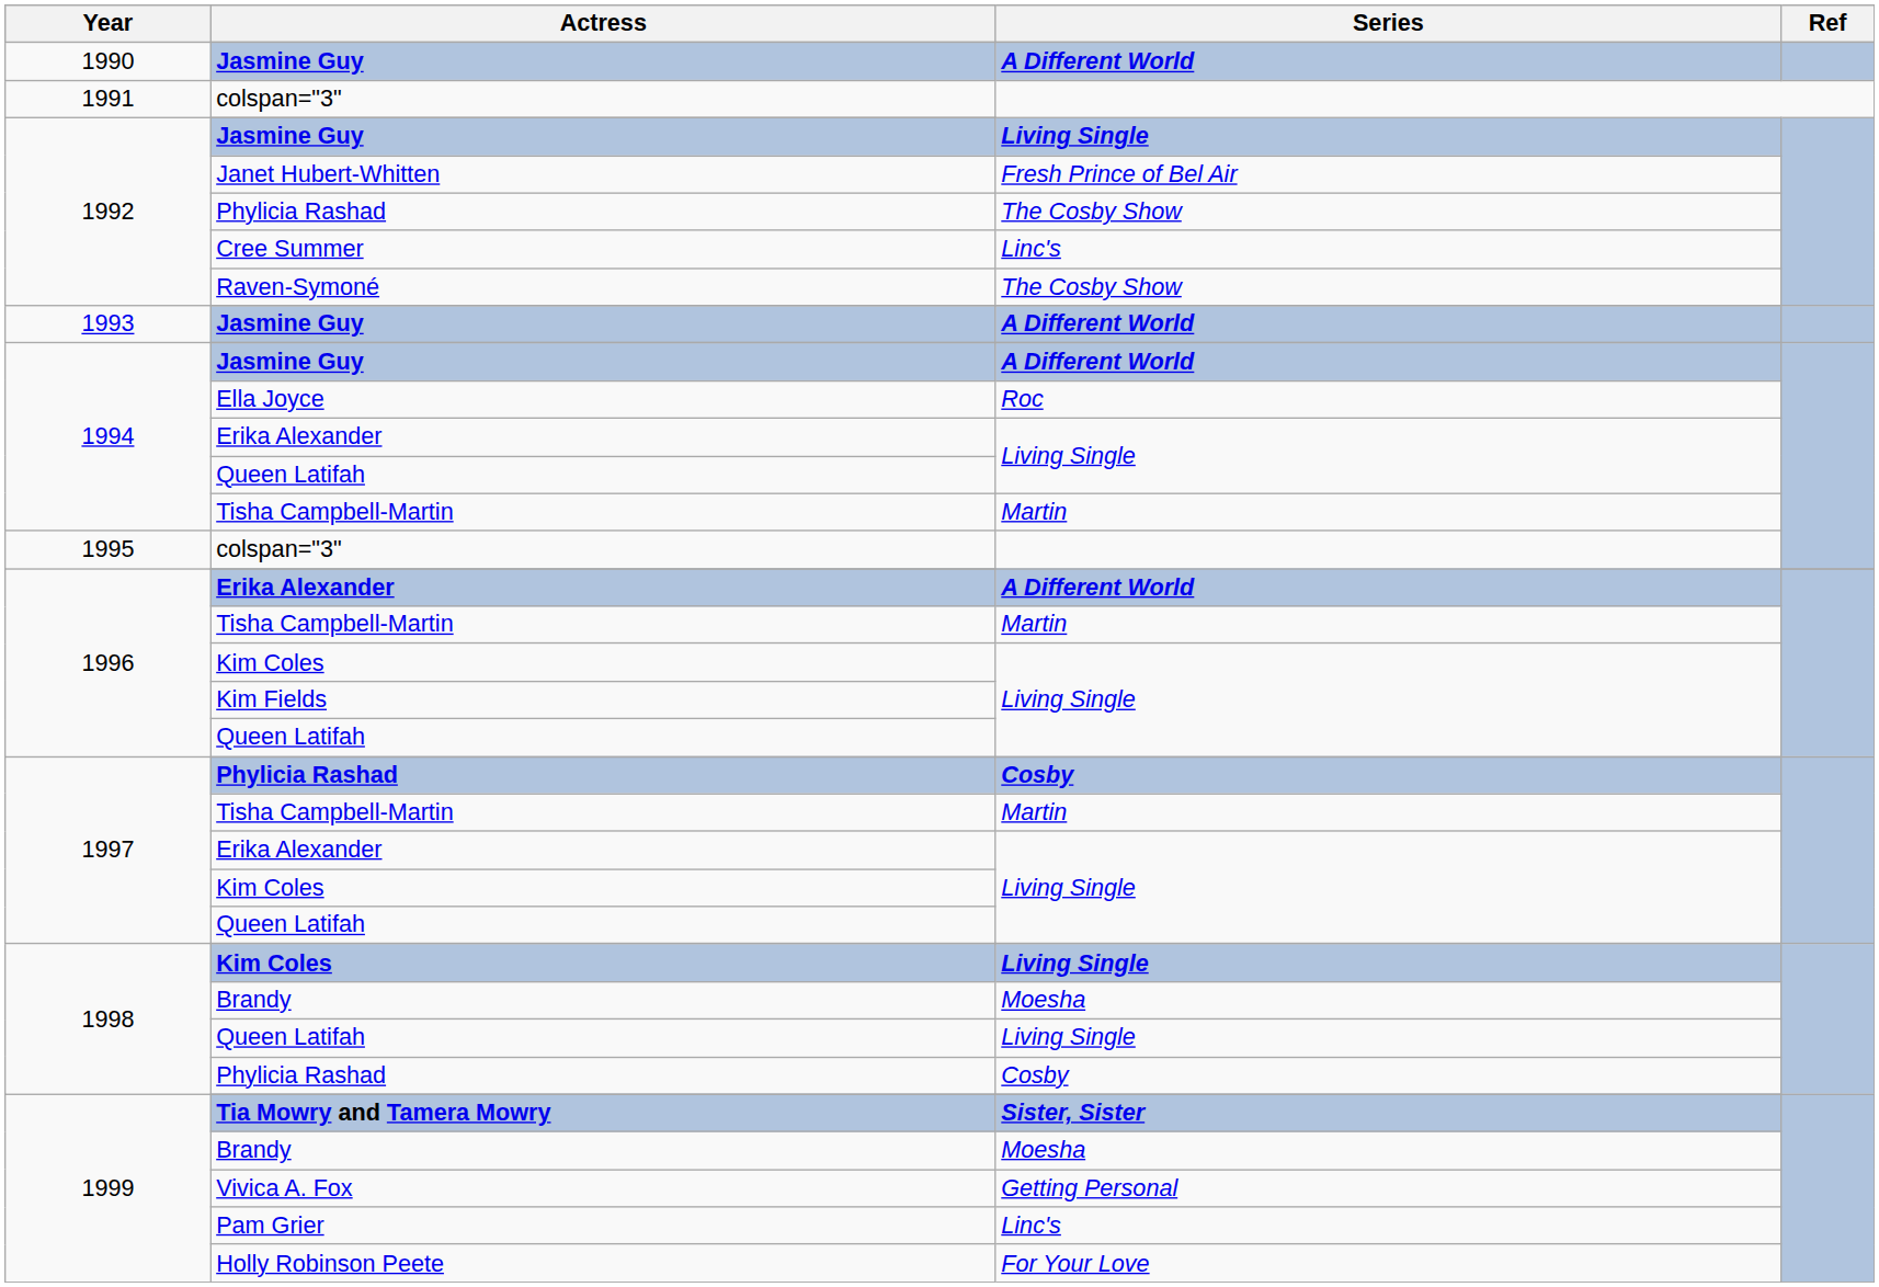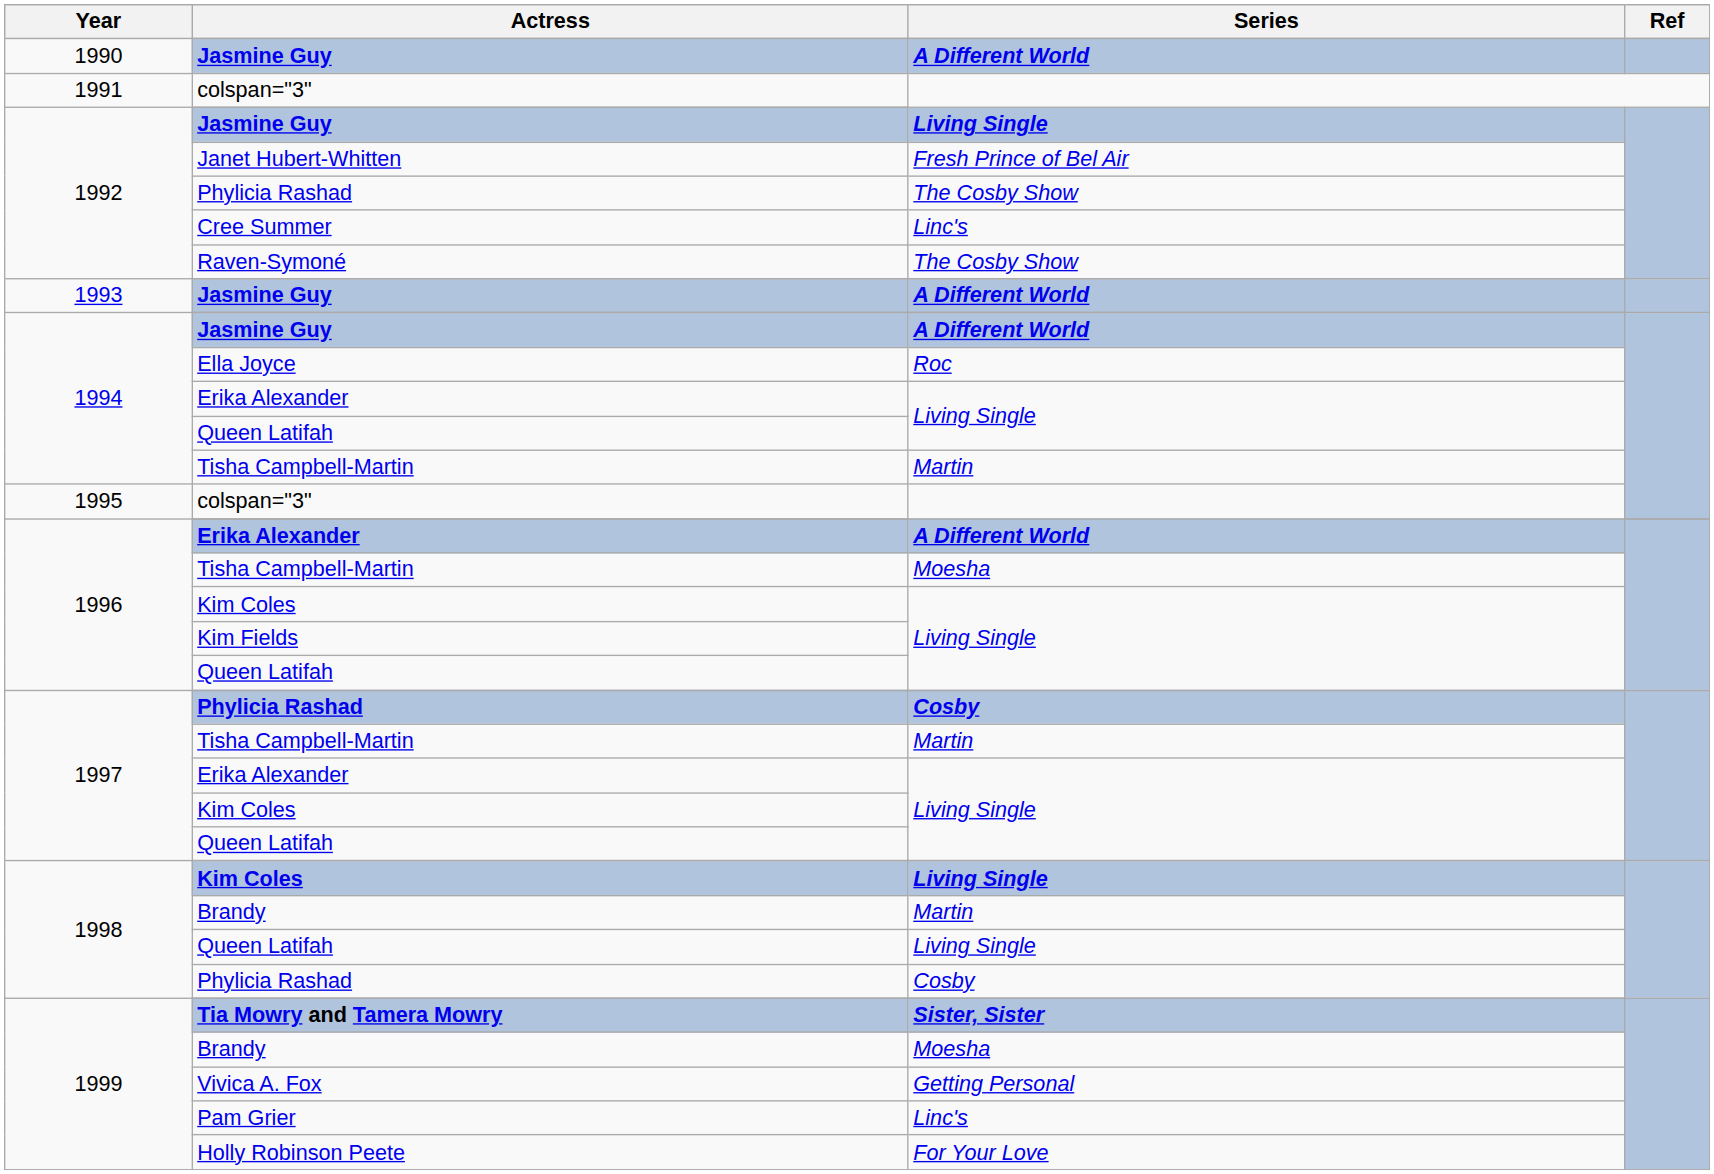 <table class="wikitable" style="width:100%;">
 <tr style="background:#bebebe;">
 <th style="width:11%;">Year</th>
 <th style="width:42%;">Actress</th>
 <th style="width:42%;">Series</th>
 <th style="width:5%;">Ref</th>
 </tr>
 <tr>
 <td rowspan="2" align="center">1990</td>
 </tr>
 <tr style="background:#B0C4DE">
 <td><strong><a href='#'>Jasmine Guy</a></strong></td>
 <td><strong><em><a href='#'>A Different World</a></em></strong></td>
 <td align="center"></td>
 </tr>
 <tr>
 <td align="center">1991</td>
 <td>colspan="3" </td>
 </tr>
 <tr>
 <td rowspan="6" align="center">1992</td>
 </tr>
 <tr style="background:#B0C4DE">
 <td><strong><a href='#'>Jasmine Guy</a></strong></td>
 <td><strong><em><a href='#'>Living Single</a></em></strong></td>
 <td rowspan="6" align="center"></td>
 </tr>
 <tr>
 <td><a href='#'>Janet Hubert-Whitten</a></td>
 <td><em><a href='#'>Fresh Prince of Bel Air</a></em></td>
 </tr>
 <tr>
 <td><a href='#'>Phylicia Rashad</a></td>
 <td><em><a href='#'>The Cosby Show</a></em></td>
 </tr>
 <tr>
 <td><a href='#'>Cree Summer</a></td>
 <td><em><a href='#'>Linc's</a></em></td>
 </tr>
 <tr>
 <td><a href='#'>Raven-Symoné</a></td>
 <td><em><a href='#'>The Cosby Show</a></em></td>
 </tr>
 <tr>
 <td rowspan="2" align="center"><a href='#'>1993</a></td>
 </tr>
 <tr style="background:#B0C4DE">
 <td><strong><a href='#'>Jasmine Guy</a></strong></td>
 <td><strong><em><a href='#'>A Different World</a></em></strong></td>
 <td rowspan="2" align="center"></td>
 </tr>
 <tr>
 <td rowspan="6" align="center"><a href='#'>1994</a></td>
 </tr>
 <tr style="background:#B0C4DE">
 <td><strong><a href='#'>Jasmine Guy</a></strong></td>
 <td><strong><em><a href='#'>A Different World</a></em></strong></td>
 <td rowspan="6" align="center"></td>
 </tr>
 <tr>
 <td><a href='#'>Ella Joyce</a></td>
 <td><em><a href='#'>Roc</a></em></td>
 </tr>
 <tr>
 <td><a href='#'>Erika Alexander</a></td>
 <td rowspan="2"><em><a href='#'>Living Single</a></em></td>
 </tr>
 <tr>
 <td><a href='#'>Queen Latifah</a></td>
 </tr>
 <tr>
 <td><a href='#'>Tisha Campbell-Martin</a></td>
 <td><em><a href='#'>Martin</a></em></td>
 </tr>
 <tr>
 <td align="center">1995</td>
 <td>colspan="3" </td>
 </tr>
 <tr>
 <td rowspan="6" align="center">1996</td>
 </tr>
 <tr style="background:#B0C4DE">
 <td><strong><a href='#'>Erika Alexander</a></strong></td>
 <td><strong><em><a href='#'>A Different World</a></em></strong></td>
 <td rowspan="6" align="center"></td>
 </tr>
 <tr>
 <td><a href='#'>Tisha Campbell-Martin</a></td>
-<td><em><a href='#'>Martin</a></em></td>
+<td><em><a href='#'>Moesha</a></em></td>
 </tr>
 <tr>
 <td><a href='#'>Kim Coles</a></td>
 <td rowspan="3"><em><a href='#'>Living Single</a></em></td>
 </tr>
 <tr>
 <td><a href='#'>Kim Fields</a></td>
 </tr>
 <tr>
 <td><a href='#'>Queen Latifah</a></td>
 </tr>
 <tr>
 <td rowspan="6" align="center">1997</td>
 </tr>
 <tr style="background:#B0C4DE">
 <td><strong><a href='#'>Phylicia Rashad</a></strong></td>
 <td><strong><em><a href='#'>Cosby</a></em></strong></td>
 <td rowspan="6" align="center"></td>
 </tr>
 <tr>
 <td><a href='#'>Tisha Campbell-Martin</a></td>
 <td><em><a href='#'>Martin</a></em></td>
 </tr>
 <tr>
 <td><a href='#'>Erika Alexander</a></td>
 <td rowspan="3"><em><a href='#'>Living Single</a></em></td>
 </tr>
 <tr>
 <td><a href='#'>Kim Coles</a></td>
 </tr>
 <tr>
 <td><a href='#'>Queen Latifah</a></td>
 </tr>
 <tr>
 <td rowspan="5" align="center">1998</td>
 </tr>
 <tr style="background:#B0C4DE">
 <td><strong><a href='#'>Kim Coles</a></strong></td>
 <td><strong><em><a href='#'>Living Single</a></em></strong></td>
 <td rowspan="5" align="center"></td>
 </tr>
 <tr>
 <td><a href='#'>Brandy</a></td>
-<td><em><a href='#'>Moesha</a></em></td>
+<td><em><a href='#'>Martin</a></em></td>
 </tr>
 <tr>
 <td><a href='#'>Queen Latifah</a></td>
 <td><em><a href='#'>Living Single</a></em></td>
 </tr>
 <tr>
 <td><a href='#'>Phylicia Rashad</a></td>
 <td><em><a href='#'>Cosby</a></em></td>
 </tr>
 <tr>
 <td rowspan="6" align="center">1999</td>
 </tr>
 <tr style="background:#B0C4DE">
 <td><strong><a href='#'>Tia Mowry</a> and <a href='#'>Tamera Mowry</a></strong></td>
 <td><strong><em><a href='#'>Sister, Sister</a></em></strong></td>
 <td rowspan="6" align="center"></td>
 </tr>
 <tr>
 <td><a href='#'>Brandy</a></td>
 <td><em><a href='#'>Moesha</a></em></td>
 </tr>
 <tr>
 <td><a href='#'>Vivica A. Fox</a></td>
 <td><em><a href='#'>Getting Personal</a></em></td>
 </tr>
 <tr>
 <td><a href='#'>Pam Grier</a></td>
 <td><em><a href='#'>Linc's</a></em></td>
 </tr>
 <tr>
 <td><a href='#'>Holly Robinson Peete</a></td>
 <td><em><a href='#'>For Your Love</a></em></td>
 </tr>
 </table>
